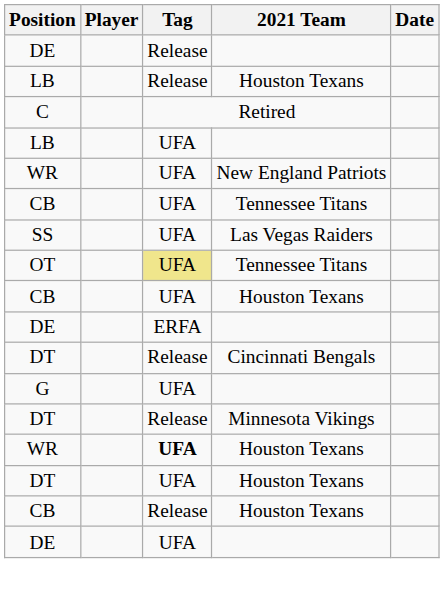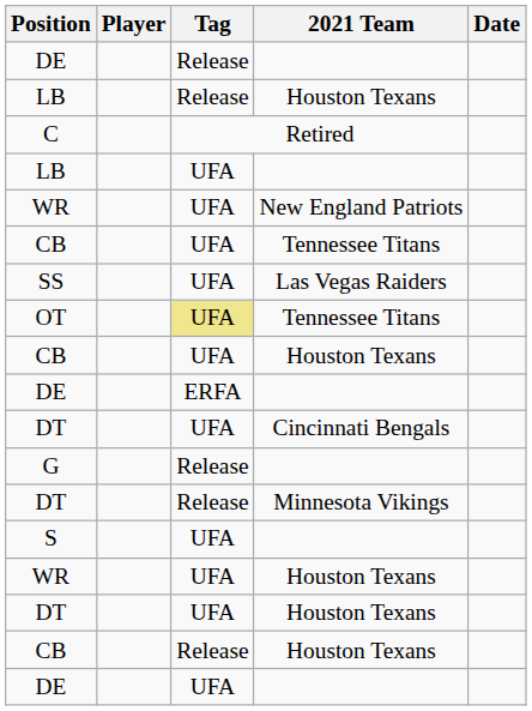 <table class="wikitable sortable" style="text-align:center">
 <tr>
 <th>Position</th>
 <th>Player</th>
 <th>Tag</th>
 <th>2021 Team</th>
 <th>Date</th>
 </tr>
 <tr>
 <td>DE</td>
 <td></td>
 <td>Release</td>
 <td></td>
 <td></td>
 </tr>
 <tr>
 <td>LB</td>
 <td></td>
 <td>Release</td>
 <td>Houston Texans</td>
 <td></td>
 </tr>
 <tr>
 <td>C</td>
 <td></td>
 <td colspan="2">Retired</td>
 <td></td>
 </tr>
 <tr>
 <td>LB</td>
 <td></td>
 <td>UFA</td>
 <td></td>
 <td></td>
 </tr>
 <tr>
 <td>WR</td>
 <td></td>
 <td>UFA</td>
 <td>New England Patriots</td>
 <td></td>
 </tr>
 <tr>
 <td>CB</td>
 <td></td>
 <td>UFA</td>
 <td>Tennessee Titans</td>
 <td></td>
 </tr>
 <tr>
 <td>SS</td>
 <td></td>
 <td>UFA</td>
 <td>Las Vegas Raiders</td>
 <td></td>
 </tr>
 <tr>
 <td>OT</td>
 <td></td>
 <td style="background: khaki;">UFA</td>
 <td>Tennessee Titans</td>
 <td></td>
 </tr>
 <tr>
 <td>CB</td>
 <td></td>
 <td>UFA</td>
 <td>Houston Texans</td>
 <td></td>
 </tr>
 <tr>
 <td>DE</td>
 <td></td>
 <td>ERFA</td>
 <td></td>
 <td></td>
 </tr>
 <tr>
 <td>DT</td>
 <td></td>
-<td>Release</td>
+<td>UFA</td>
 <td>Cincinnati Bengals</td>
 <td></td>
 </tr>
 <tr>
 <td>G</td>
 <td></td>
-<td>UFA</td>
+<td>Release</td>
 <td></td>
 <td></td>
 </tr>
 <tr>
 <td>DT</td>
 <td></td>
 <td>Release</td>
 <td>Minnesota Vikings</td>
 <td></td>
 </tr>
 <tr>
+<td>S</td>
+<td></td>
+<td>UFA</td>
+<td></td>
+<td></td>
+</tr>
+<tr>
 <td>WR</td>
 <td></td>
-<td><strong>UFA</strong></td>
+<td>UFA</td>
 <td>Houston Texans</td>
 <td></td>
 </tr>
 <tr>
 <td>DT</td>
 <td></td>
 <td>UFA</td>
 <td>Houston Texans</td>
 <td></td>
 </tr>
 <tr>
 <td>CB</td>
 <td></td>
 <td>Release</td>
 <td>Houston Texans</td>
 <td></td>
 </tr>
 <tr>
 <td>DE</td>
 <td></td>
 <td>UFA</td>
 <td></td>
 <td></td>
 </tr>
 </table>
